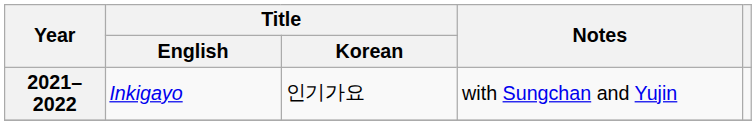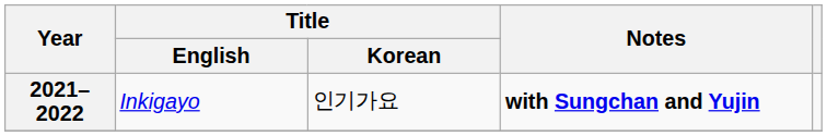 <table class="wikitable sortable plainrowheaders">
 <tr>
 <th scope="col" rowspan="2">Year</th>
 <th scope="col" colspan="2">Title</th>
 <th scope="col" rowspan="2" style="width:14em;">Notes</th>
 <th scope="col" rowspan="2" class="unsortable"></th>
 </tr>
 <tr>
 <th scope="col" style="width:8.5em;">English</th>
 <th scope="col" style="width:8.5em;">Korean</th>
 </tr>
 <tr>
 <th scope="row">2021–2022</th>
 <td><em><a href='#'>Inkigayo</a></em></td>
 <td>인기가요</td>
-<td>with <a href='#'>Sungchan</a> and <a href='#'>Yujin</a></td>
+<td><strong>with <a href='#'>Sungchan</a> and <a href='#'>Yujin</a></strong></td>
 <td style="text-align:center"></td>
 </tr>
 <tr>
 </tr>
 </table>
